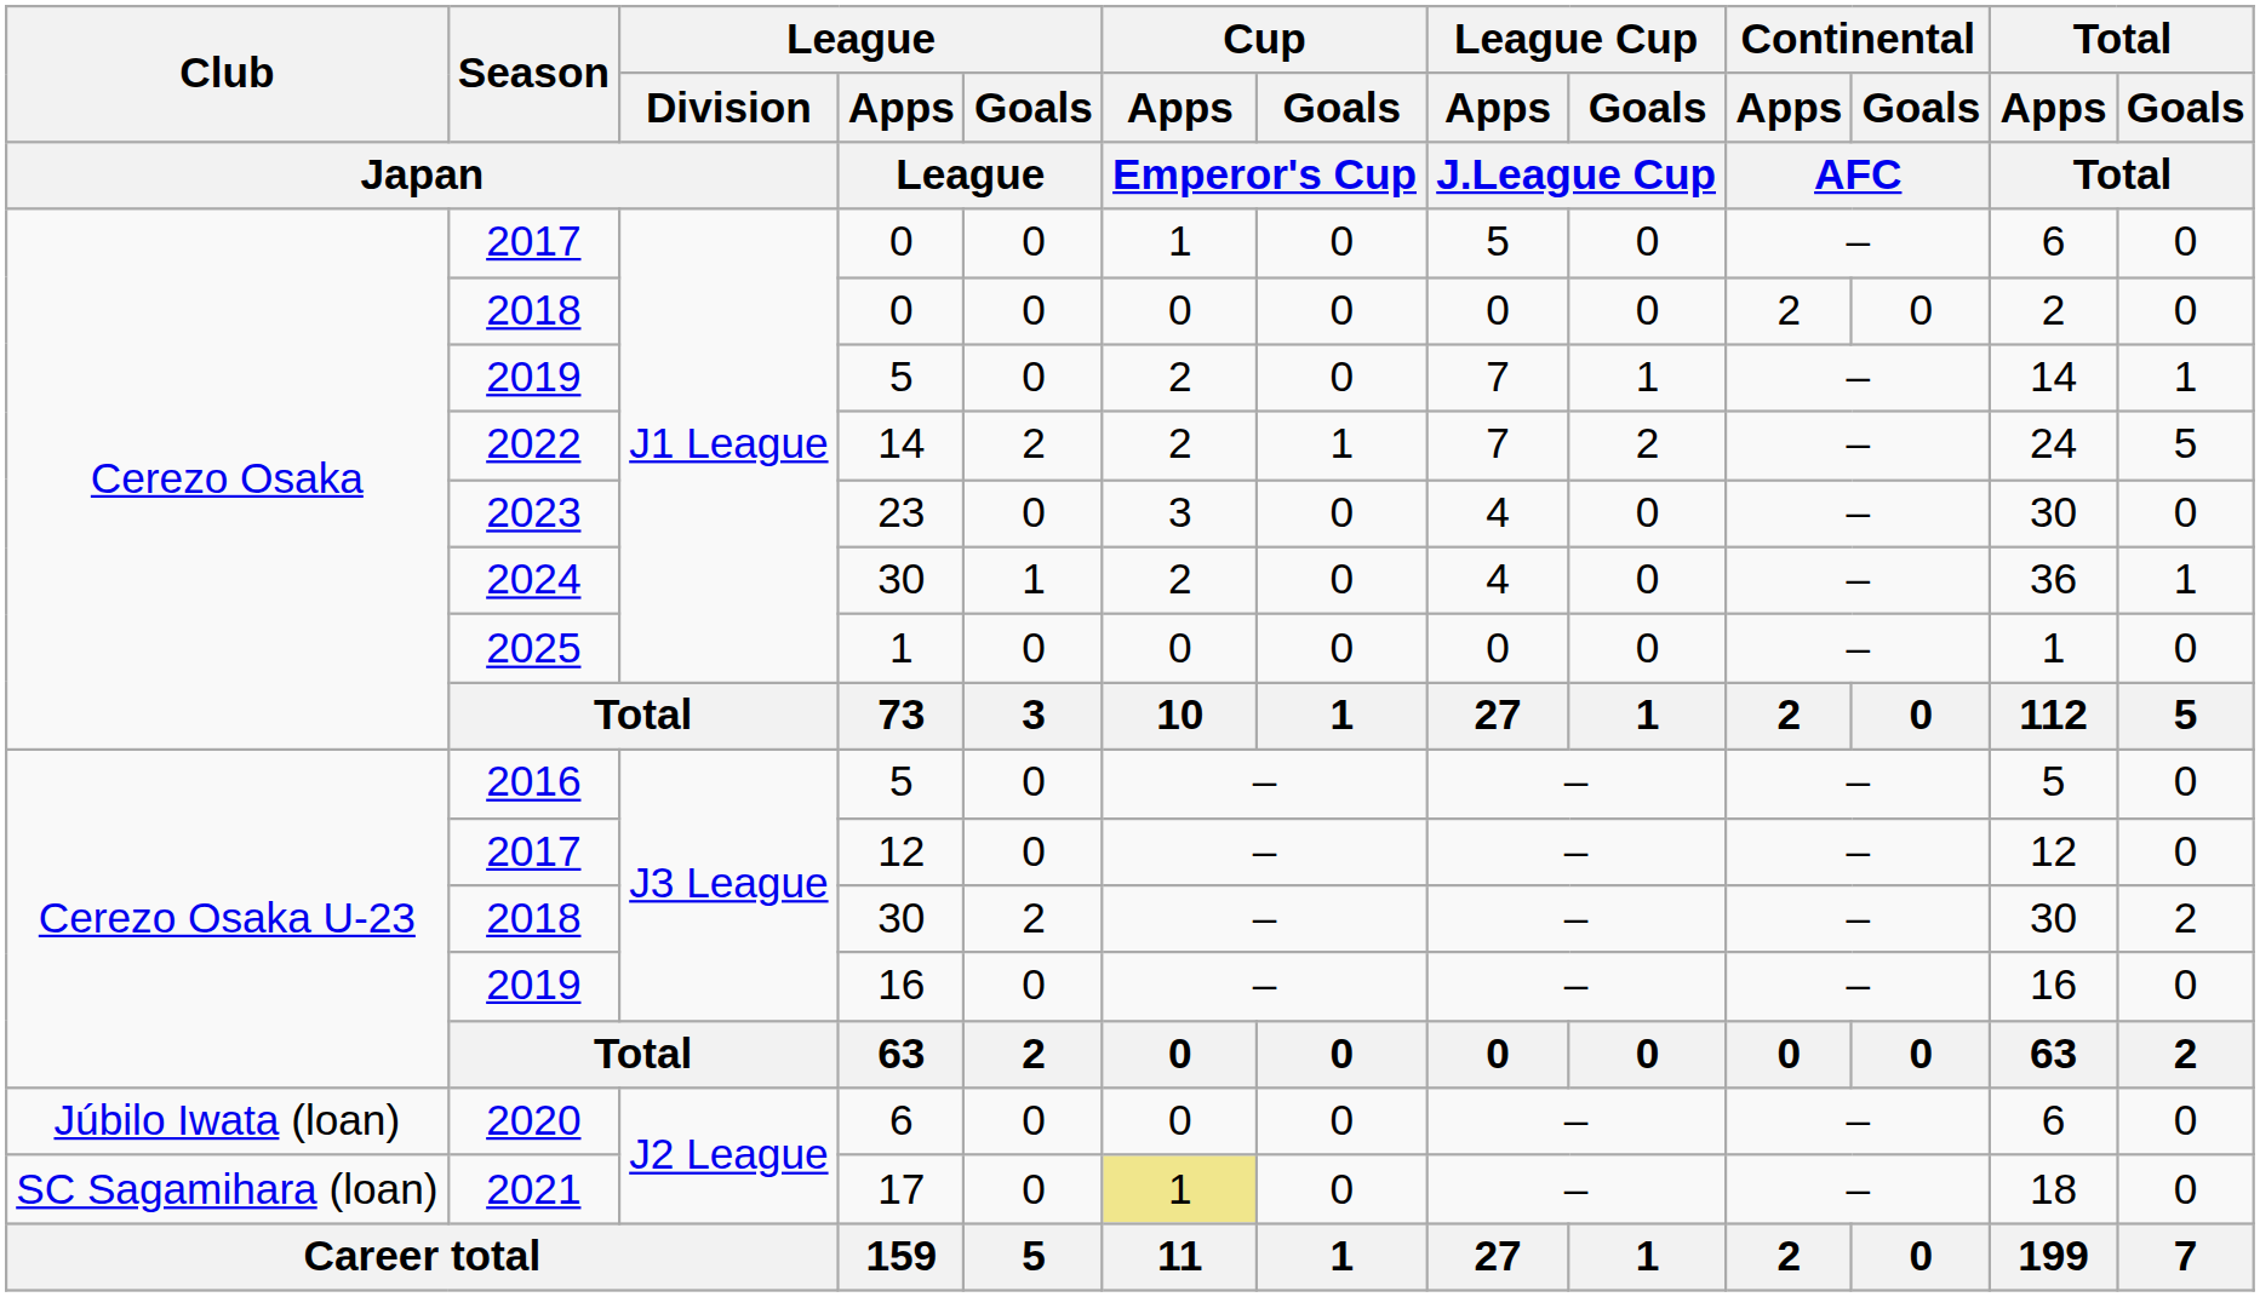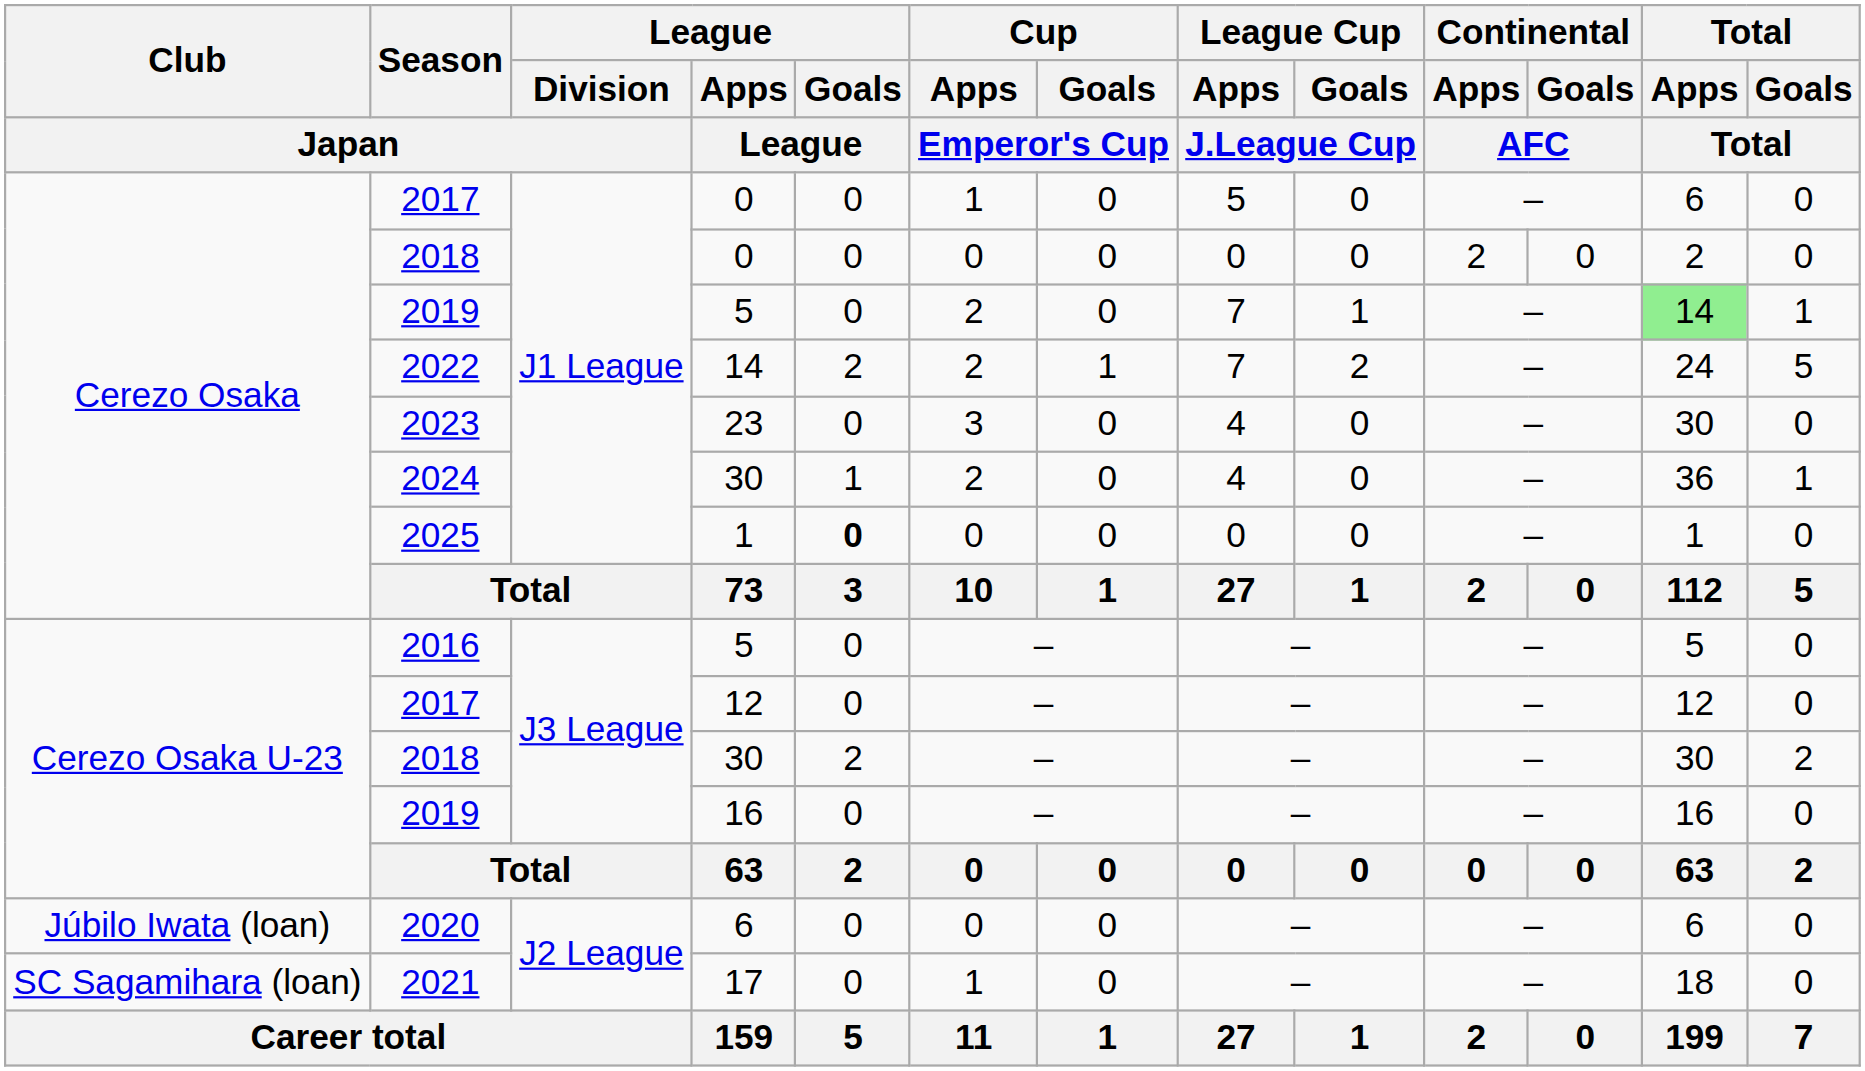 <table class="wikitable" style="text-align:center;">
 <tr>
 <th rowspan=2>Club</th>
 <th rowspan=2>Season</th>
 <th colspan=3>League</th>
 <th colspan=2>Cup</th>
 <th colspan=2>League Cup</th>
 <th colspan=2>Continental</th>
 <th colspan=2>Total</th>
 </tr>
 <tr>
 <th>Division</th>
 <th>Apps</th>
 <th>Goals</th>
 <th>Apps</th>
 <th>Goals</th>
 <th>Apps</th>
 <th>Goals</th>
 <th>Apps</th>
 <th>Goals</th>
 <th>Apps</th>
 <th>Goals</th>
 </tr>
 <tr>
 <th colspan=3>Japan</th>
 <th colspan=2>League</th>
 <th colspan=2><a href='#'>Emperor's Cup</a></th>
 <th colspan=2><a href='#'>J.League Cup</a></th>
 <th colspan=2><a href='#'>AFC</a></th>
 <th colspan=2>Total</th>
 </tr>
 <tr>
 <td rowspan="8"><a href='#'>Cerezo Osaka</a></td>
 <td><a href='#'>2017</a></td>
 <td rowspan="7"><a href='#'>J1 League</a></td>
 <td>0</td>
 <td>0</td>
 <td>1</td>
 <td>0</td>
 <td>5</td>
 <td>0</td>
 <td colspan="2">–</td>
 <td>6</td>
 <td>0</td>
 </tr>
 <tr>
 <td><a href='#'>2018</a></td>
 <td>0</td>
 <td>0</td>
 <td>0</td>
 <td>0</td>
 <td>0</td>
 <td>0</td>
 <td>2</td>
 <td>0</td>
 <td>2</td>
 <td>0</td>
 </tr>
 <tr>
 <td><a href='#'>2019</a></td>
 <td>5</td>
 <td>0</td>
 <td>2</td>
 <td>0</td>
 <td>7</td>
 <td>1</td>
 <td colspan="2">–</td>
-<td>14</td>
+<td style="background: lightgreen;">14</td>
 <td>1</td>
 </tr>
 <tr>
 <td><a href='#'>2022</a></td>
 <td>14</td>
 <td>2</td>
 <td>2</td>
 <td>1</td>
 <td>7</td>
 <td>2</td>
 <td colspan="2">–</td>
 <td>24</td>
 <td>5</td>
 </tr>
 <tr>
 <td><a href='#'>2023</a></td>
 <td>23</td>
 <td>0</td>
 <td>3</td>
 <td>0</td>
 <td>4</td>
 <td>0</td>
 <td colspan="2">–</td>
 <td>30</td>
 <td>0</td>
 </tr>
 <tr>
 <td><a href='#'>2024</a></td>
 <td>30</td>
 <td>1</td>
 <td>2</td>
 <td>0</td>
 <td>4</td>
 <td>0</td>
 <td colspan="2">–</td>
 <td>36</td>
 <td>1</td>
 </tr>
 <tr>
 <td><a href='#'>2025</a></td>
 <td>1</td>
-<td>0</td>
+<td><strong>0</strong></td>
 <td>0</td>
 <td>0</td>
 <td>0</td>
 <td>0</td>
 <td colspan="2">–</td>
 <td>1</td>
 <td>0</td>
 </tr>
 <tr>
 <th colspan="2">Total</th>
 <th>73</th>
 <th>3</th>
 <th>10</th>
 <th>1</th>
 <th>27</th>
 <th>1</th>
 <th>2</th>
 <th>0</th>
 <th>112</th>
 <th>5</th>
 </tr>
 <tr>
 <td rowspan="5"><a href='#'>Cerezo Osaka U-23</a></td>
 <td><a href='#'>2016</a></td>
 <td rowspan="4"><a href='#'>J3 League</a></td>
 <td>5</td>
 <td>0</td>
 <td colspan="2">–</td>
 <td colspan="2">–</td>
 <td colspan="2">–</td>
 <td>5</td>
 <td>0</td>
 </tr>
 <tr>
 <td><a href='#'>2017</a></td>
 <td>12</td>
 <td>0</td>
 <td colspan="2">–</td>
 <td colspan="2">–</td>
 <td colspan="2">–</td>
 <td>12</td>
 <td>0</td>
 </tr>
 <tr>
 <td><a href='#'>2018</a></td>
 <td>30</td>
 <td>2</td>
 <td colspan="2">–</td>
 <td colspan="2">–</td>
 <td colspan="2">–</td>
 <td>30</td>
 <td>2</td>
 </tr>
 <tr>
 <td><a href='#'>2019</a></td>
 <td>16</td>
 <td>0</td>
 <td colspan="2">–</td>
 <td colspan="2">–</td>
 <td colspan="2">–</td>
 <td>16</td>
 <td>0</td>
 </tr>
 <tr>
 <th colspan="2">Total</th>
 <th>63</th>
 <th>2</th>
 <th>0</th>
 <th>0</th>
 <th>0</th>
 <th>0</th>
 <th>0</th>
 <th>0</th>
 <th>63</th>
 <th>2</th>
 </tr>
 <tr>
 <td><a href='#'>Júbilo Iwata</a> (loan)</td>
 <td><a href='#'>2020</a></td>
 <td rowspan="2"><a href='#'>J2 League</a></td>
 <td>6</td>
 <td>0</td>
 <td>0</td>
 <td>0</td>
 <td colspan="2">–</td>
 <td colspan="2">–</td>
 <td>6</td>
 <td>0</td>
 </tr>
 <tr>
 <td><a href='#'>SC Sagamihara</a> (loan)</td>
 <td><a href='#'>2021</a></td>
 <td>17</td>
 <td>0</td>
-<td style="background: khaki;">1</td>
+<td>1</td>
 <td>0</td>
 <td colspan="2">–</td>
 <td colspan="2">–</td>
 <td>18</td>
 <td>0</td>
 </tr>
 <tr>
 <th colspan=3>Career total</th>
 <th>159</th>
 <th>5</th>
 <th>11</th>
 <th>1</th>
 <th>27</th>
 <th>1</th>
 <th>2</th>
 <th>0</th>
 <th>199</th>
 <th>7</th>
 </tr>
 </table>
